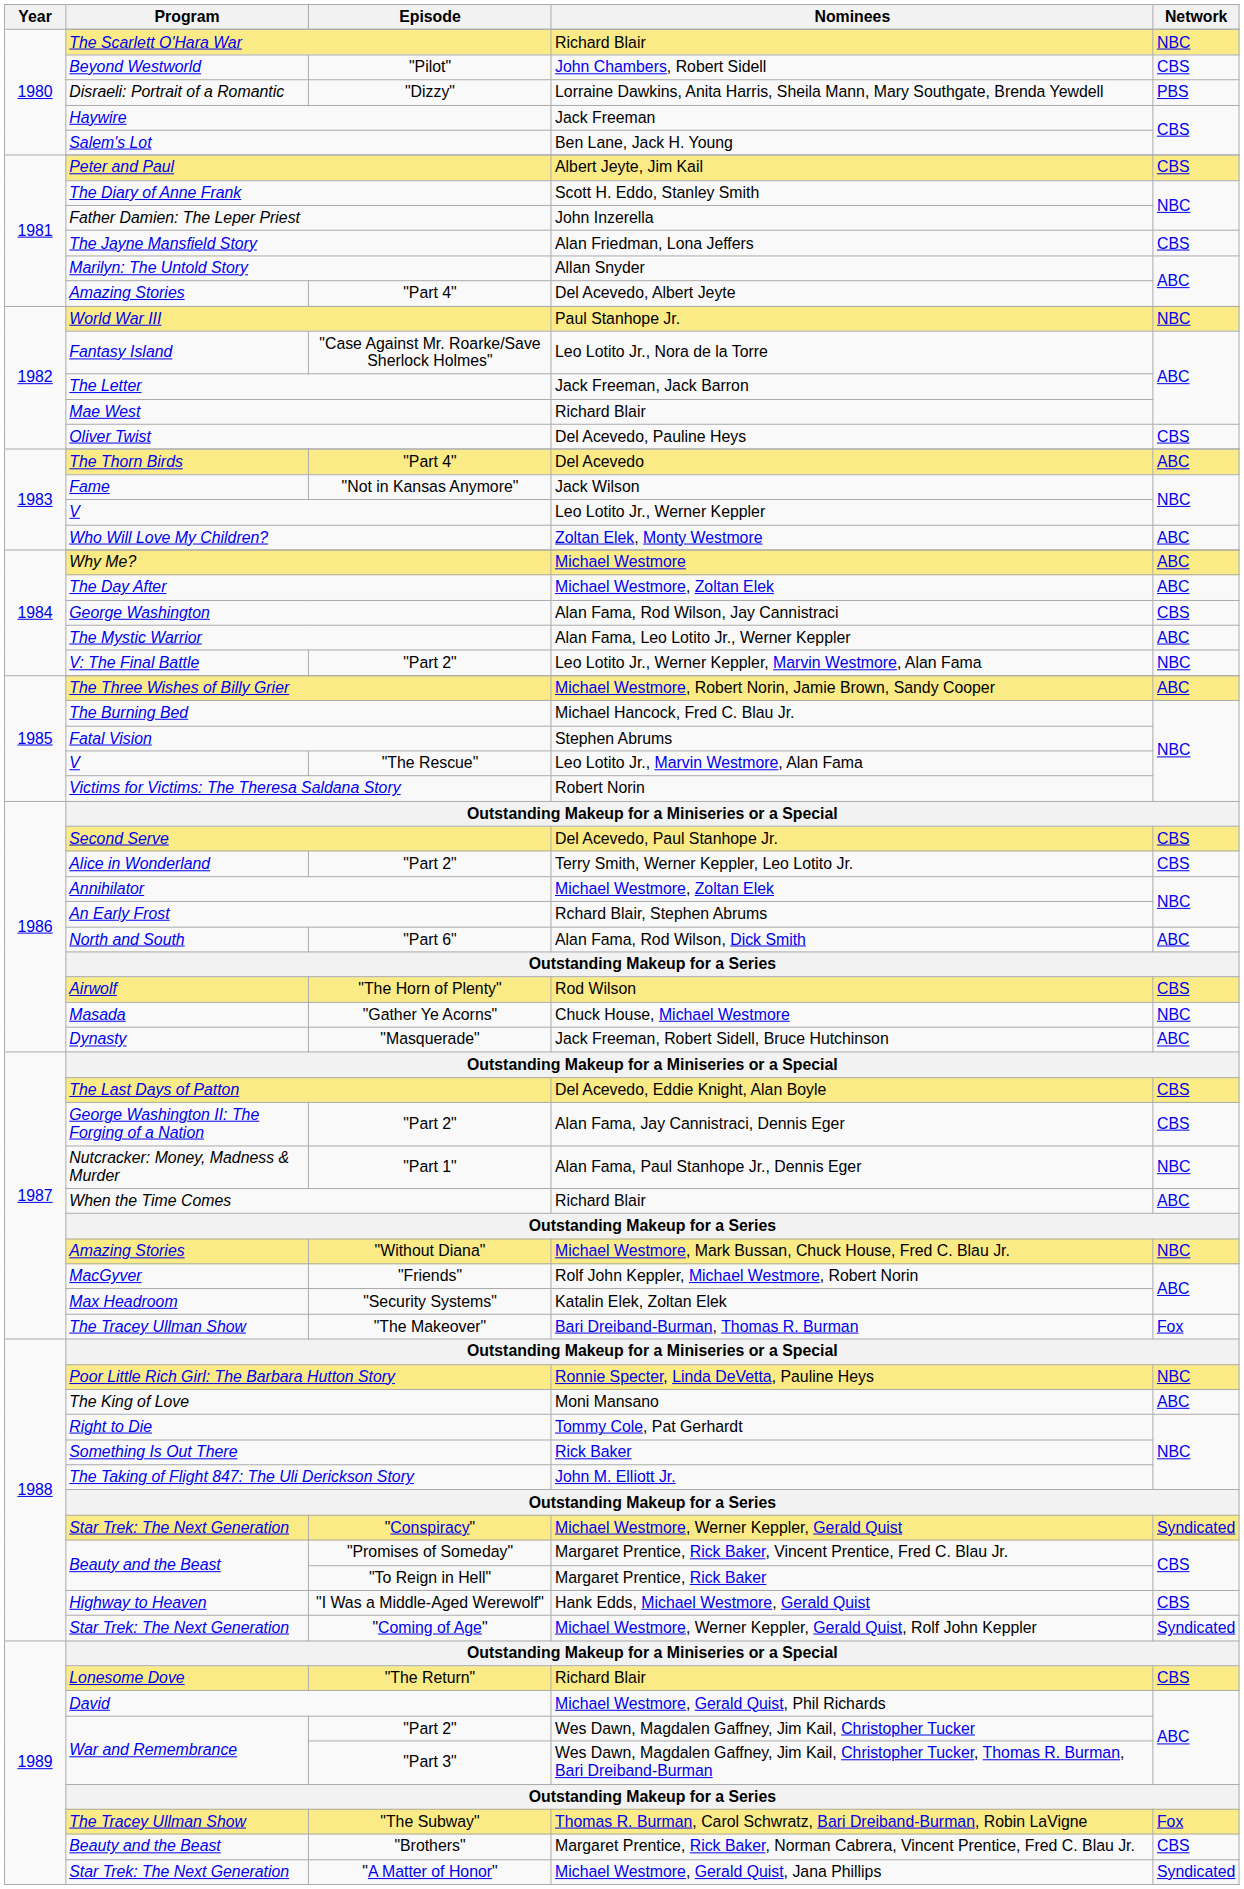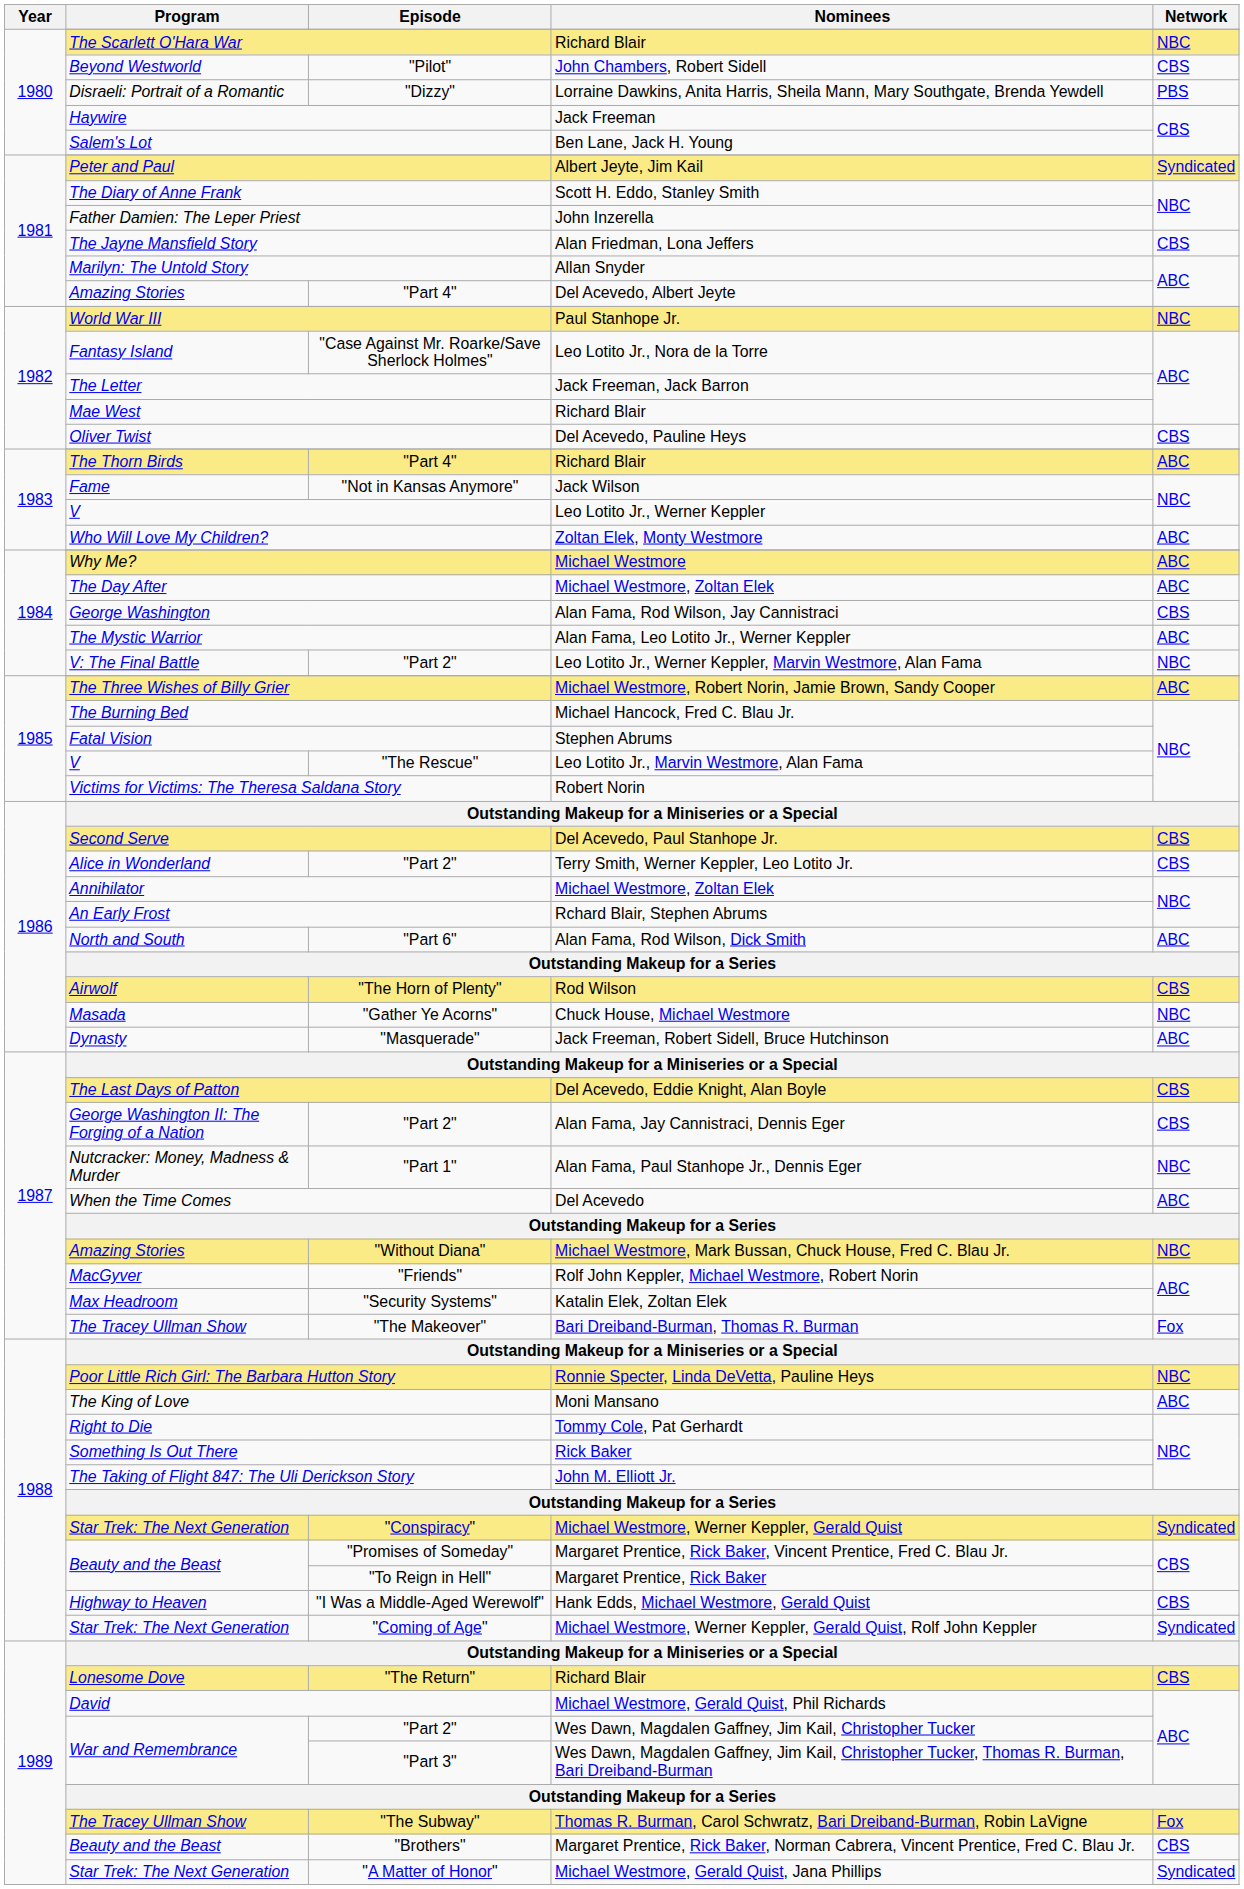 <table class="wikitable">
 <tr>
 <th width="5%">Year</th>
 <th width="20%">Program</th>
 <th width="20%">Episode</th>
 <th width="50%">Nominees</th>
 <th width="5%">Network</th>
 </tr>
 <tr>
 <td rowspan="6" style="text-align:center;"><a href='#'>1980</a><br></td>
 </tr>
 <tr style="background:#FAEB86;">
 <td colspan=2><em><a href='#'>The Scarlett O'Hara War</a></em></td>
 <td>Richard Blair</td>
 <td><a href='#'>NBC</a></td>
 </tr>
 <tr>
 <td><em><a href='#'>Beyond Westworld</a></em></td>
 <td align=center>"Pilot"</td>
 <td><a href='#'>John Chambers</a>, Robert Sidell</td>
 <td><a href='#'>CBS</a></td>
 </tr>
 <tr>
 <td><em>Disraeli: Portrait of a Romantic</em></td>
 <td align=center>"Dizzy"</td>
 <td>Lorraine Dawkins, Anita Harris, Sheila Mann, Mary Southgate, Brenda Yewdell</td>
 <td><a href='#'>PBS</a></td>
 </tr>
 <tr>
 <td colspan=2><em><a href='#'>Haywire</a></em></td>
 <td>Jack Freeman</td>
 <td rowspan=2><a href='#'>CBS</a></td>
 </tr>
 <tr>
 <td colspan=2><em><a href='#'>Salem's Lot</a></em></td>
 <td>Ben Lane, Jack H. Young</td>
 </tr>
 <tr>
 <td rowspan="7" style="text-align:center;"><a href='#'>1981</a><br></td>
 </tr>
 <tr style="background:#FAEB86;">
 <td colspan=2><em><a href='#'>Peter and Paul</a></em></td>
 <td>Albert Jeyte, Jim Kail</td>
-<td><a href='#'>CBS</a></td>
+<td><a href='#'>Syndicated</a></td>
 </tr>
 <tr>
 <td colspan=2><em><a href='#'>The Diary of Anne Frank</a></em></td>
 <td>Scott H. Eddo, Stanley Smith</td>
 <td rowspan=2><a href='#'>NBC</a></td>
 </tr>
 <tr>
 <td colspan=2><em>Father Damien: The Leper Priest</em></td>
 <td>John Inzerella</td>
 </tr>
 <tr>
 <td colspan=2><em><a href='#'>The Jayne Mansfield Story</a></em></td>
 <td>Alan Friedman, Lona Jeffers</td>
 <td><a href='#'>CBS</a></td>
 </tr>
 <tr>
 <td colspan=2><em><a href='#'>Marilyn: The Untold Story</a></em></td>
 <td>Allan Snyder</td>
 <td rowspan=2><a href='#'>ABC</a></td>
 </tr>
 <tr>
 <td><em><a href='#'>Amazing Stories</a></em></td>
 <td align=center>"Part 4"</td>
 <td>Del Acevedo, Albert Jeyte</td>
 </tr>
 <tr>
 <td rowspan="6" style="text-align:center;"><a href='#'>1982</a><br></td>
 </tr>
 <tr style="background:#FAEB86;">
 <td colspan=2><em><a href='#'>World War III</a></em></td>
 <td>Paul Stanhope Jr.</td>
 <td><a href='#'>NBC</a></td>
 </tr>
 <tr>
 <td><em><a href='#'>Fantasy Island</a></em></td>
 <td align=center>"Case Against Mr. Roarke/Save Sherlock Holmes"</td>
 <td>Leo Lotito Jr., Nora de la Torre</td>
 <td rowspan=3><a href='#'>ABC</a></td>
 </tr>
 <tr>
 <td colspan=2><em><a href='#'>The Letter</a></em></td>
 <td>Jack Freeman, Jack Barron</td>
 </tr>
 <tr>
 <td colspan=2><em><a href='#'>Mae West</a></em></td>
 <td>Richard Blair</td>
 </tr>
 <tr>
 <td colspan=2><em><a href='#'>Oliver Twist</a></em></td>
 <td>Del Acevedo, Pauline Heys</td>
 <td><a href='#'>CBS</a></td>
 </tr>
 <tr>
 <td rowspan="5" style="text-align:center;"><a href='#'>1983</a><br></td>
 </tr>
 <tr style="background:#FAEB86;">
 <td><em><a href='#'>The Thorn Birds</a></em></td>
 <td align=center>"Part 4"</td>
-<td>Del Acevedo</td>
+<td>Richard Blair</td>
 <td><a href='#'>ABC</a></td>
 </tr>
 <tr>
 <td><em><a href='#'>Fame</a></em></td>
 <td align=center>"Not in Kansas Anymore"</td>
 <td>Jack Wilson</td>
 <td rowspan=2><a href='#'>NBC</a></td>
 </tr>
 <tr>
 <td colspan=2><em><a href='#'>V</a></em></td>
 <td>Leo Lotito Jr., Werner Keppler</td>
 </tr>
 <tr>
 <td colspan=2><em><a href='#'>Who Will Love My Children?</a></em></td>
 <td><a href='#'>Zoltan Elek</a>, <a href='#'>Monty Westmore</a></td>
 <td><a href='#'>ABC</a></td>
 </tr>
 <tr>
 <td rowspan="6" style="text-align:center;"><a href='#'>1984</a><br></td>
 </tr>
 <tr style="background:#FAEB86;">
 <td colspan=2><em>Why Me?</em></td>
 <td><a href='#'>Michael Westmore</a></td>
 <td><a href='#'>ABC</a></td>
 </tr>
 <tr>
 <td colspan=2><em><a href='#'>The Day After</a></em></td>
 <td><a href='#'>Michael Westmore</a>, <a href='#'>Zoltan Elek</a></td>
 <td><a href='#'>ABC</a></td>
 </tr>
 <tr>
 <td colspan=2><em><a href='#'>George Washington</a></em></td>
 <td>Alan Fama, Rod Wilson, Jay Cannistraci</td>
 <td><a href='#'>CBS</a></td>
 </tr>
 <tr>
 <td colspan=2><em><a href='#'>The Mystic Warrior</a></em></td>
 <td>Alan Fama, Leo Lotito Jr., Werner Keppler</td>
 <td><a href='#'>ABC</a></td>
 </tr>
 <tr>
 <td><em><a href='#'>V: The Final Battle</a></em></td>
 <td align=center>"Part 2"</td>
 <td>Leo Lotito Jr., Werner Keppler, <a href='#'>Marvin Westmore</a>, Alan Fama</td>
 <td><a href='#'>NBC</a></td>
 </tr>
 <tr>
 <td rowspan="6" style="text-align:center;"><a href='#'>1985</a><br></td>
 </tr>
 <tr style="background:#FAEB86;">
 <td colspan=2><em><a href='#'>The Three Wishes of Billy Grier</a></em></td>
 <td><a href='#'>Michael Westmore</a>, Robert Norin, Jamie Brown, Sandy Cooper</td>
 <td><a href='#'>ABC</a></td>
 </tr>
 <tr>
 <td colspan=2><em><a href='#'>The Burning Bed</a></em></td>
 <td>Michael Hancock, Fred C. Blau Jr.</td>
 <td rowspan=4><a href='#'>NBC</a></td>
 </tr>
 <tr>
 <td colspan=2><em><a href='#'>Fatal Vision</a></em></td>
 <td>Stephen Abrums</td>
 </tr>
 <tr>
 <td><em><a href='#'>V</a></em></td>
 <td align=center>"The Rescue"</td>
 <td>Leo Lotito Jr., <a href='#'>Marvin Westmore</a>, Alan Fama</td>
 </tr>
 <tr>
 <td colspan=2><em><a href='#'>Victims for Victims: The Theresa Saldana Story</a></em></td>
 <td>Robert Norin</td>
 </tr>
 <tr>
 <td rowspan=10 style="text-align:center"><a href='#'>1986</a></td>
 <th colspan="4">Outstanding Makeup for a Miniseries or a Special</th>
 </tr>
 <tr style="background:#FAEB86;">
 <td colspan=2><em><a href='#'>Second Serve</a></em></td>
 <td>Del Acevedo, Paul Stanhope Jr.</td>
 <td><a href='#'>CBS</a></td>
 </tr>
 <tr>
 <td><em><a href='#'>Alice in Wonderland</a></em></td>
 <td align=center>"Part 2"</td>
 <td>Terry Smith, Werner Keppler, Leo Lotito Jr.</td>
 <td><a href='#'>CBS</a></td>
 </tr>
 <tr>
 <td colspan=2><em><a href='#'>Annihilator</a></em></td>
 <td><a href='#'>Michael Westmore</a>, <a href='#'>Zoltan Elek</a></td>
 <td rowspan=2><a href='#'>NBC</a></td>
 </tr>
 <tr>
 <td colspan=2><em><a href='#'>An Early Frost</a></em></td>
 <td>Rchard Blair, Stephen Abrums</td>
 </tr>
 <tr>
 <td><em><a href='#'>North and South</a></em></td>
 <td align=center>"Part 6"</td>
 <td>Alan Fama, Rod Wilson, <a href='#'>Dick Smith</a></td>
 <td><a href='#'>ABC</a></td>
 </tr>
 <tr>
 <th colspan="4">Outstanding Makeup for a Series</th>
 </tr>
 <tr style="background:#FAEB86;">
 <td><em><a href='#'>Airwolf</a></em></td>
 <td align=center>"The Horn of Plenty"</td>
 <td>Rod Wilson</td>
 <td><a href='#'>CBS</a></td>
 </tr>
 <tr>
 <td><em><a href='#'>Masada</a></em></td>
 <td align=center>"Gather Ye Acorns"</td>
 <td>Chuck House, <a href='#'>Michael Westmore</a></td>
 <td><a href='#'>NBC</a></td>
 </tr>
 <tr>
 <td><em><a href='#'>Dynasty</a></em></td>
 <td align=center>"Masquerade"</td>
 <td>Jack Freeman, Robert Sidell, Bruce Hutchinson</td>
 <td><a href='#'>ABC</a></td>
 </tr>
 <tr>
 <td rowspan=10 style="text-align:center"><a href='#'>1987</a></td>
 <th colspan="4">Outstanding Makeup for a Miniseries or a Special</th>
 </tr>
 <tr style="background:#FAEB86;">
 <td colspan=2><em><a href='#'>The Last Days of Patton</a></em></td>
 <td>Del Acevedo, Eddie Knight, Alan Boyle</td>
 <td><a href='#'>CBS</a></td>
 </tr>
 <tr>
 <td><em><a href='#'>George Washington II: The Forging of a Nation</a></em></td>
 <td align=center>"Part 2"</td>
 <td>Alan Fama, Jay Cannistraci, Dennis Eger</td>
 <td><a href='#'>CBS</a></td>
 </tr>
 <tr>
 <td><em>Nutcracker: Money, Madness & Murder</em></td>
 <td align=center>"Part 1"</td>
 <td>Alan Fama, Paul Stanhope Jr., Dennis Eger</td>
 <td><a href='#'>NBC</a></td>
 </tr>
 <tr>
 <td colspan=2><em>When the Time Comes</em></td>
-<td>Richard Blair</td>
+<td>Del Acevedo</td>
 <td><a href='#'>ABC</a></td>
 </tr>
 <tr>
 <th colspan="4">Outstanding Makeup for a Series</th>
 </tr>
 <tr style="background:#FAEB86;">
 <td><em><a href='#'>Amazing Stories</a></em></td>
 <td align=center>"Without Diana"</td>
 <td><a href='#'>Michael Westmore</a>, Mark Bussan, Chuck House, Fred C. Blau Jr.</td>
 <td><a href='#'>NBC</a></td>
 </tr>
 <tr>
 <td><em><a href='#'>MacGyver</a></em></td>
 <td align=center>"Friends"</td>
 <td>Rolf John Keppler, <a href='#'>Michael Westmore</a>, Robert Norin</td>
 <td rowspan=2><a href='#'>ABC</a></td>
 </tr>
 <tr>
 <td><em><a href='#'>Max Headroom</a></em></td>
 <td align=center>"Security Systems"</td>
 <td>Katalin Elek, Zoltan Elek</td>
 </tr>
 <tr>
 <td><em><a href='#'>The Tracey Ullman Show</a></em></td>
 <td align=center>"The Makeover"</td>
 <td><a href='#'>Bari Dreiband-Burman</a>, <a href='#'>Thomas R. Burman</a></td>
 <td><a href='#'>Fox</a></td>
 </tr>
 <tr>
 <td rowspan=12 style="text-align:center"><a href='#'>1988</a></td>
 <th colspan="4">Outstanding Makeup for a Miniseries or a Special</th>
 </tr>
 <tr style="background:#FAEB86;">
 <td colspan=2><em><a href='#'>Poor Little Rich Girl: The Barbara Hutton Story</a></em></td>
 <td><a href='#'>Ronnie Specter</a>, <a href='#'>Linda DeVetta</a>, Pauline Heys</td>
 <td><a href='#'>NBC</a></td>
 </tr>
 <tr>
 <td colspan=2><em>The King of Love</em></td>
 <td>Moni Mansano</td>
 <td><a href='#'>ABC</a></td>
 </tr>
 <tr>
 <td colspan=2><em><a href='#'>Right to Die</a></em></td>
 <td><a href='#'>Tommy Cole</a>, Pat Gerhardt</td>
 <td rowspan=3><a href='#'>NBC</a></td>
 </tr>
 <tr>
 <td colspan=2><em><a href='#'>Something Is Out There</a></em></td>
 <td><a href='#'>Rick Baker</a></td>
 </tr>
 <tr>
 <td colspan=2><em><a href='#'>The Taking of Flight 847: The Uli Derickson Story</a></em></td>
 <td><a href='#'>John M. Elliott Jr.</a></td>
 </tr>
 <tr>
 <th colspan="4">Outstanding Makeup for a Series</th>
 </tr>
 <tr style="background:#FAEB86;">
 <td><em><a href='#'>Star Trek: The Next Generation</a></em></td>
 <td align=center>"<a href='#'>Conspiracy</a>"</td>
 <td><a href='#'>Michael Westmore</a>, Werner Keppler, <a href='#'>Gerald Quist</a></td>
 <td><a href='#'>Syndicated</a></td>
 </tr>
 <tr>
 <td rowspan=2><em><a href='#'>Beauty and the Beast</a></em></td>
 <td align=center>"Promises of Someday"</td>
 <td>Margaret Prentice, <a href='#'>Rick Baker</a>, Vincent Prentice, Fred C. Blau Jr.</td>
 <td rowspan=2><a href='#'>CBS</a></td>
 </tr>
 <tr>
 <td align=center>"To Reign in Hell"</td>
 <td>Margaret Prentice, <a href='#'>Rick Baker</a></td>
 </tr>
 <tr>
 <td><em><a href='#'>Highway to Heaven</a></em></td>
 <td align=center>"I Was a Middle-Aged Werewolf"</td>
 <td>Hank Edds, <a href='#'>Michael Westmore</a>, <a href='#'>Gerald Quist</a></td>
 <td><a href='#'>CBS</a></td>
 </tr>
 <tr>
 <td><em><a href='#'>Star Trek: The Next Generation</a></em></td>
 <td align=center>"<a href='#'>Coming of Age</a>"</td>
 <td><a href='#'>Michael Westmore</a>, Werner Keppler, <a href='#'>Gerald Quist</a>, Rolf John Keppler</td>
 <td><a href='#'>Syndicated</a></td>
 </tr>
 <tr>
 <td rowspan=9 style="text-align:center"><a href='#'>1989</a></td>
 <th colspan="4">Outstanding Makeup for a Miniseries or a Special</th>
 </tr>
 <tr style="background:#FAEB86;">
 <td><em><a href='#'>Lonesome Dove</a></em></td>
 <td align=center>"The Return"</td>
 <td>Richard Blair</td>
 <td><a href='#'>CBS</a></td>
 </tr>
 <tr>
 <td colspan=2><em><a href='#'>David</a></em></td>
 <td><a href='#'>Michael Westmore</a>, <a href='#'>Gerald Quist</a>, Phil Richards</td>
 <td rowspan=3><a href='#'>ABC</a></td>
 </tr>
 <tr>
 <td rowspan=2><em><a href='#'>War and Remembrance</a></em></td>
 <td align=center>"Part 2"</td>
 <td>Wes Dawn, Magdalen Gaffney, Jim Kail, <a href='#'>Christopher Tucker</a></td>
 </tr>
 <tr>
 <td align=center>"Part 3"</td>
 <td>Wes Dawn, Magdalen Gaffney, Jim Kail, <a href='#'>Christopher Tucker</a>, <a href='#'>Thomas R. Burman</a>, <a href='#'>Bari Dreiband-Burman</a></td>
 </tr>
 <tr>
 <th colspan="4">Outstanding Makeup for a Series</th>
 </tr>
 <tr style="background:#FAEB86;">
 <td><em><a href='#'>The Tracey Ullman Show</a></em></td>
 <td align=center>"The Subway"</td>
 <td><a href='#'>Thomas R. Burman</a>, Carol Schwratz, <a href='#'>Bari Dreiband-Burman</a>, Robin LaVigne</td>
 <td><a href='#'>Fox</a></td>
 </tr>
 <tr>
 <td><em><a href='#'>Beauty and the Beast</a></em></td>
 <td align=center>"Brothers"</td>
 <td>Margaret Prentice, <a href='#'>Rick Baker</a>, Norman Cabrera, Vincent Prentice, Fred C. Blau Jr.</td>
 <td><a href='#'>CBS</a></td>
 </tr>
 <tr>
 <td><em><a href='#'>Star Trek: The Next Generation</a></em></td>
 <td align=center>"<a href='#'>A Matter of Honor</a>"</td>
 <td><a href='#'>Michael Westmore</a>, <a href='#'>Gerald Quist</a>, Jana Phillips</td>
 <td><a href='#'>Syndicated</a></td>
 </tr>
 <tr>
 </tr>
 </table>
